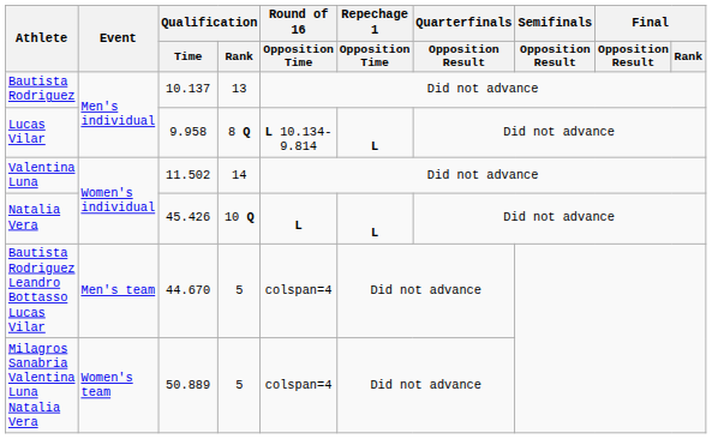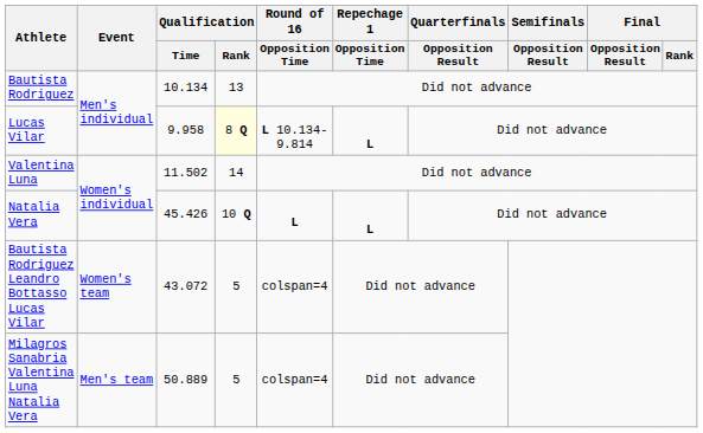 <table class=wikitable style="font-size:90%;">
 <tr>
 <th rowspan=2>Athlete</th>
 <th rowspan=2>Event</th>
 <th colspan=2>Qualification</th>
 <th>Round of 16</th>
 <th>Repechage 1</th>
 <th>Quarterfinals</th>
 <th>Semifinals</th>
 <th colspan=2>Final</th>
 </tr>
 <tr style="font-size:95%">
 <th>Time</th>
 <th>Rank</th>
 <th>Opposition<br>Time</th>
 <th>Opposition<br>Time</th>
 <th>Opposition<br>Result</th>
 <th>Opposition<br>Result</th>
 <th>Opposition<br>Result</th>
 <th>Rank</th>
 </tr>
 <tr align=center>
 <td align=left><a href='#'>Bautista Rodriguez</a></td>
 <td align=left rowspan=2><a href='#'>Men's individual</a></td>
-<td>10.137</td>
+<td>10.134</td>
 <td>13</td>
 <td colspan=6>Did not advance</td>
 </tr>
 <tr align=center>
 <td align=left><a href='#'>Lucas Vilar</a></td>
 <td>9.958</td>
-<td>8 <strong>Q</strong></td>
+<td style="background: lightyellow;">8 <strong>Q</strong></td>
 <td><br><strong>L</strong> 10.134-9.814</td>
 <td><br><br><strong>L</strong></td>
 <td colspan=4>Did not advance</td>
 </tr>
 <tr align=center>
 <td align=left><a href='#'>Valentina Luna</a></td>
 <td align=left rowspan=2><a href='#'>Women's individual</a></td>
 <td>11.502</td>
 <td>14</td>
 <td colspan=6>Did not advance</td>
 </tr>
 <tr align=center>
 <td align=left><a href='#'>Natalia Vera</a></td>
 <td>45.426</td>
 <td>10 <strong>Q</strong></td>
 <td><br><strong>L</strong></td>
 <td><br><br><strong>L</strong></td>
 <td colspan=4>Did not advance</td>
 </tr>
 <tr align=center>
 <td align=left><a href='#'>Bautista Rodriguez</a><br><a href='#'>Leandro Bottasso</a><br><a href='#'>Lucas Vilar</a></td>
-<td align=left><a href='#'>Men's team</a></td>
-<td>44.670</td>
+<td align=left><a href='#'>Women's team</a></td>
+<td>43.072</td>
 <td>5</td>
 <td>colspan=4 </td>
 <td colspan=2>Did not advance</td>
 </tr>
 <tr align=center>
 <td align=left><a href='#'>Milagros Sanabria</a><br><a href='#'>Valentina Luna</a><br><a href='#'>Natalia Vera</a></td>
-<td align=left><a href='#'>Women's team</a></td>
+<td align=left><a href='#'>Men's team</a></td>
 <td>50.889</td>
 <td>5</td>
 <td>colspan=4 </td>
 <td colspan=2>Did not advance</td>
 </tr>
 </table>
